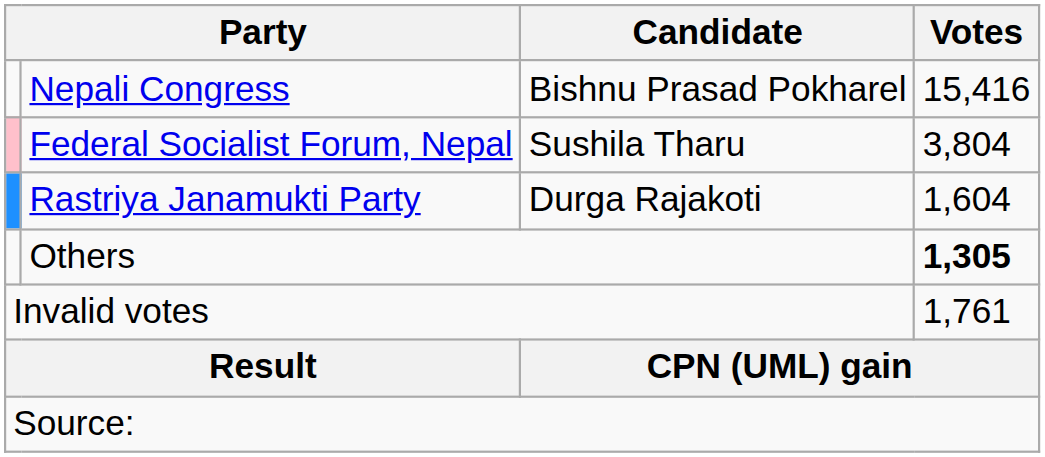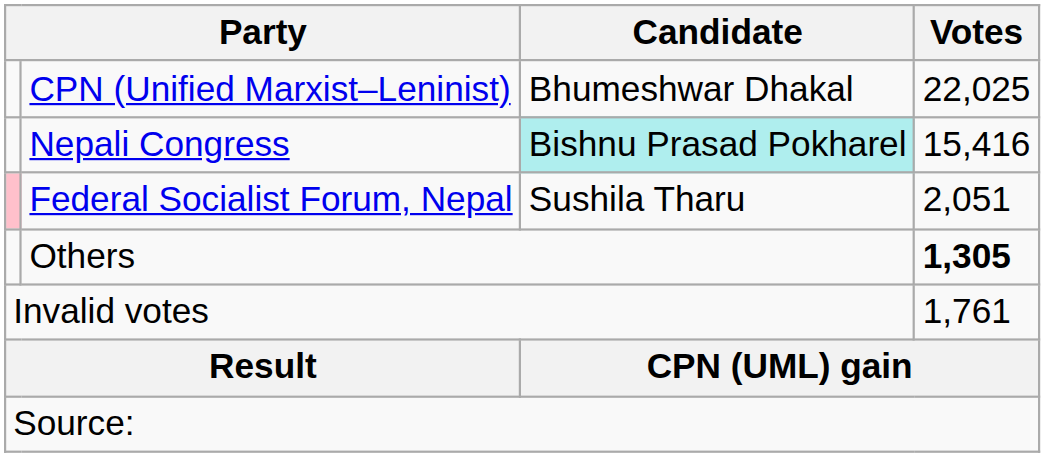 <table class="wikitable">
 <tr>
 <th colspan="2">Party</th>
 <th>Candidate</th>
 <th>Votes</th>
 </tr>
 <tr>
 <td style="background-color:"></td>
+<td><a href='#'>CPN (Unified Marxist–Leninist)</a></td>
+<td>Bhumeshwar Dhakal</td>
+<td>22,025</td>
+</tr>
+<tr>
+<td style="background-color:"></td>
 <td><a href='#'>Nepali Congress</a></td>
-<td>Bishnu Prasad Pokharel</td>
+<td style="background: paleturquoise;">Bishnu Prasad Pokharel</td>
 <td>15,416</td>
 </tr>
 <tr>
 <td style="background-color:pink"></td>
 <td><a href='#'>Federal Socialist Forum, Nepal</a></td>
 <td>Sushila Tharu</td>
-<td>3,804</td>
-</tr>
-<tr>
-<td style="background-color:dodgerblue"></td>
-<td><a href='#'>Rastriya Janamukti Party</a></td>
-<td>Durga Rajakoti</td>
-<td>1,604</td>
+<td>2,051</td>
 </tr>
 <tr>
 <td></td>
 <td colspan="2">Others</td>
 <td><strong>1,305</strong></td>
 </tr>
 <tr>
 <td colspan="3">Invalid votes</td>
 <td>1,761</td>
 </tr>
 <tr>
 <th colspan="2">Result</th>
 <th colspan="2">CPN (UML) gain</th>
 </tr>
 <tr>
 <td colspan="4">Source: </td>
 </tr>
 </table>
